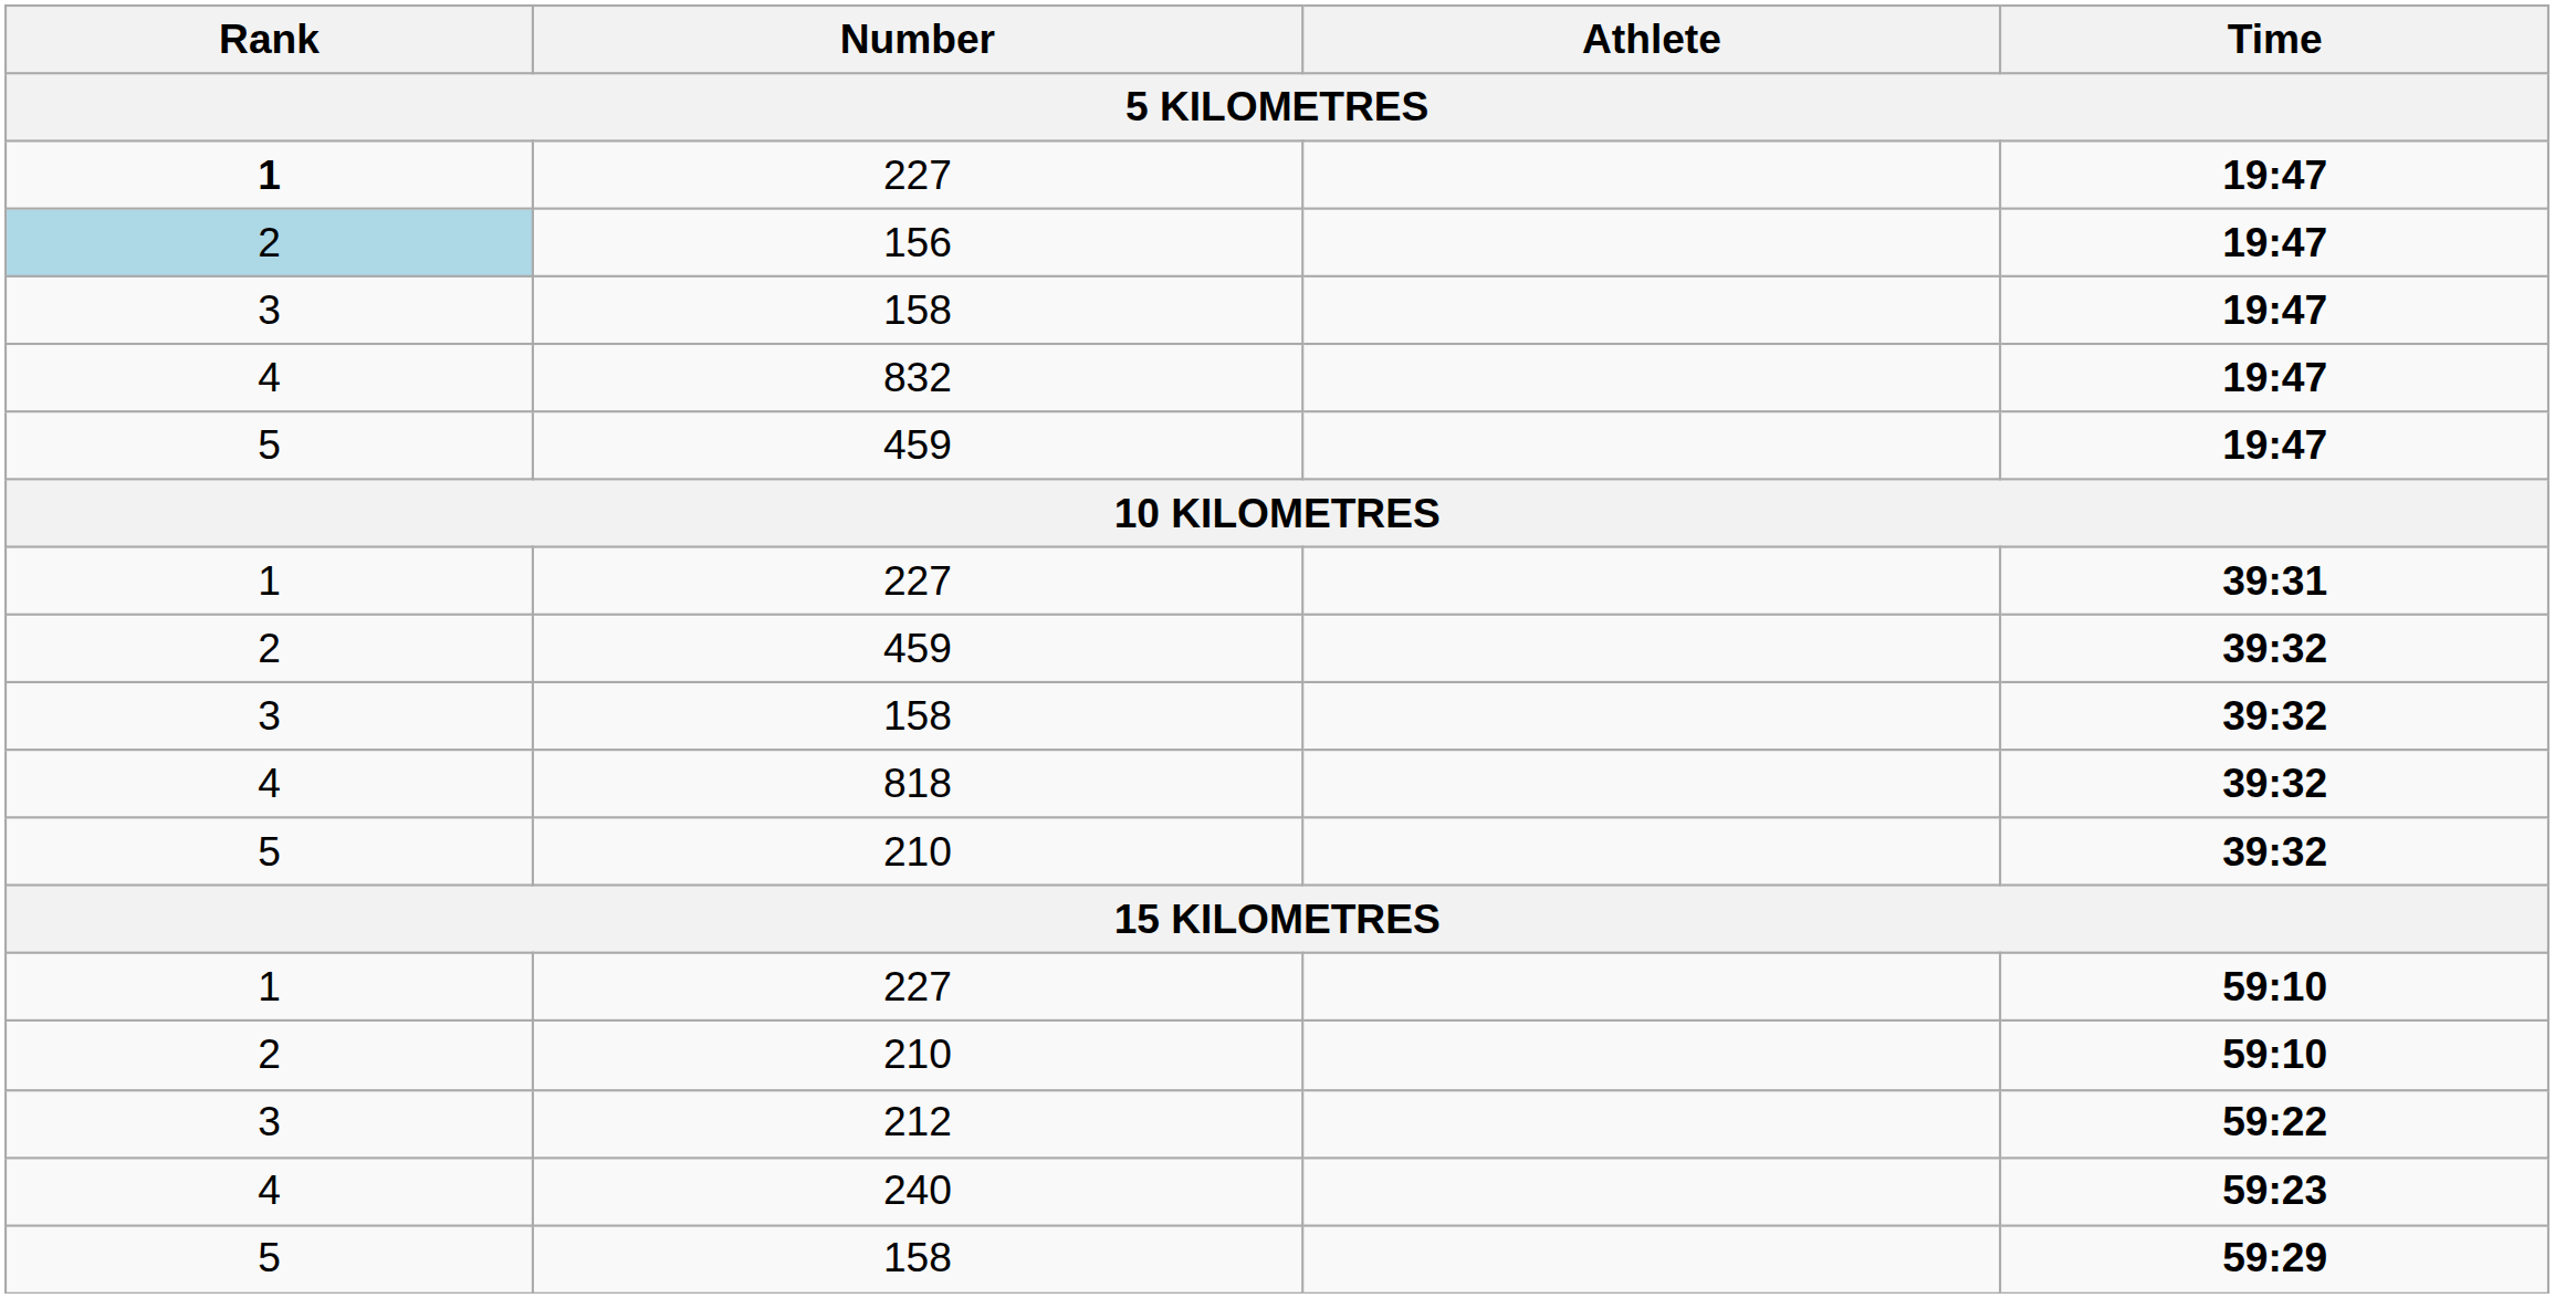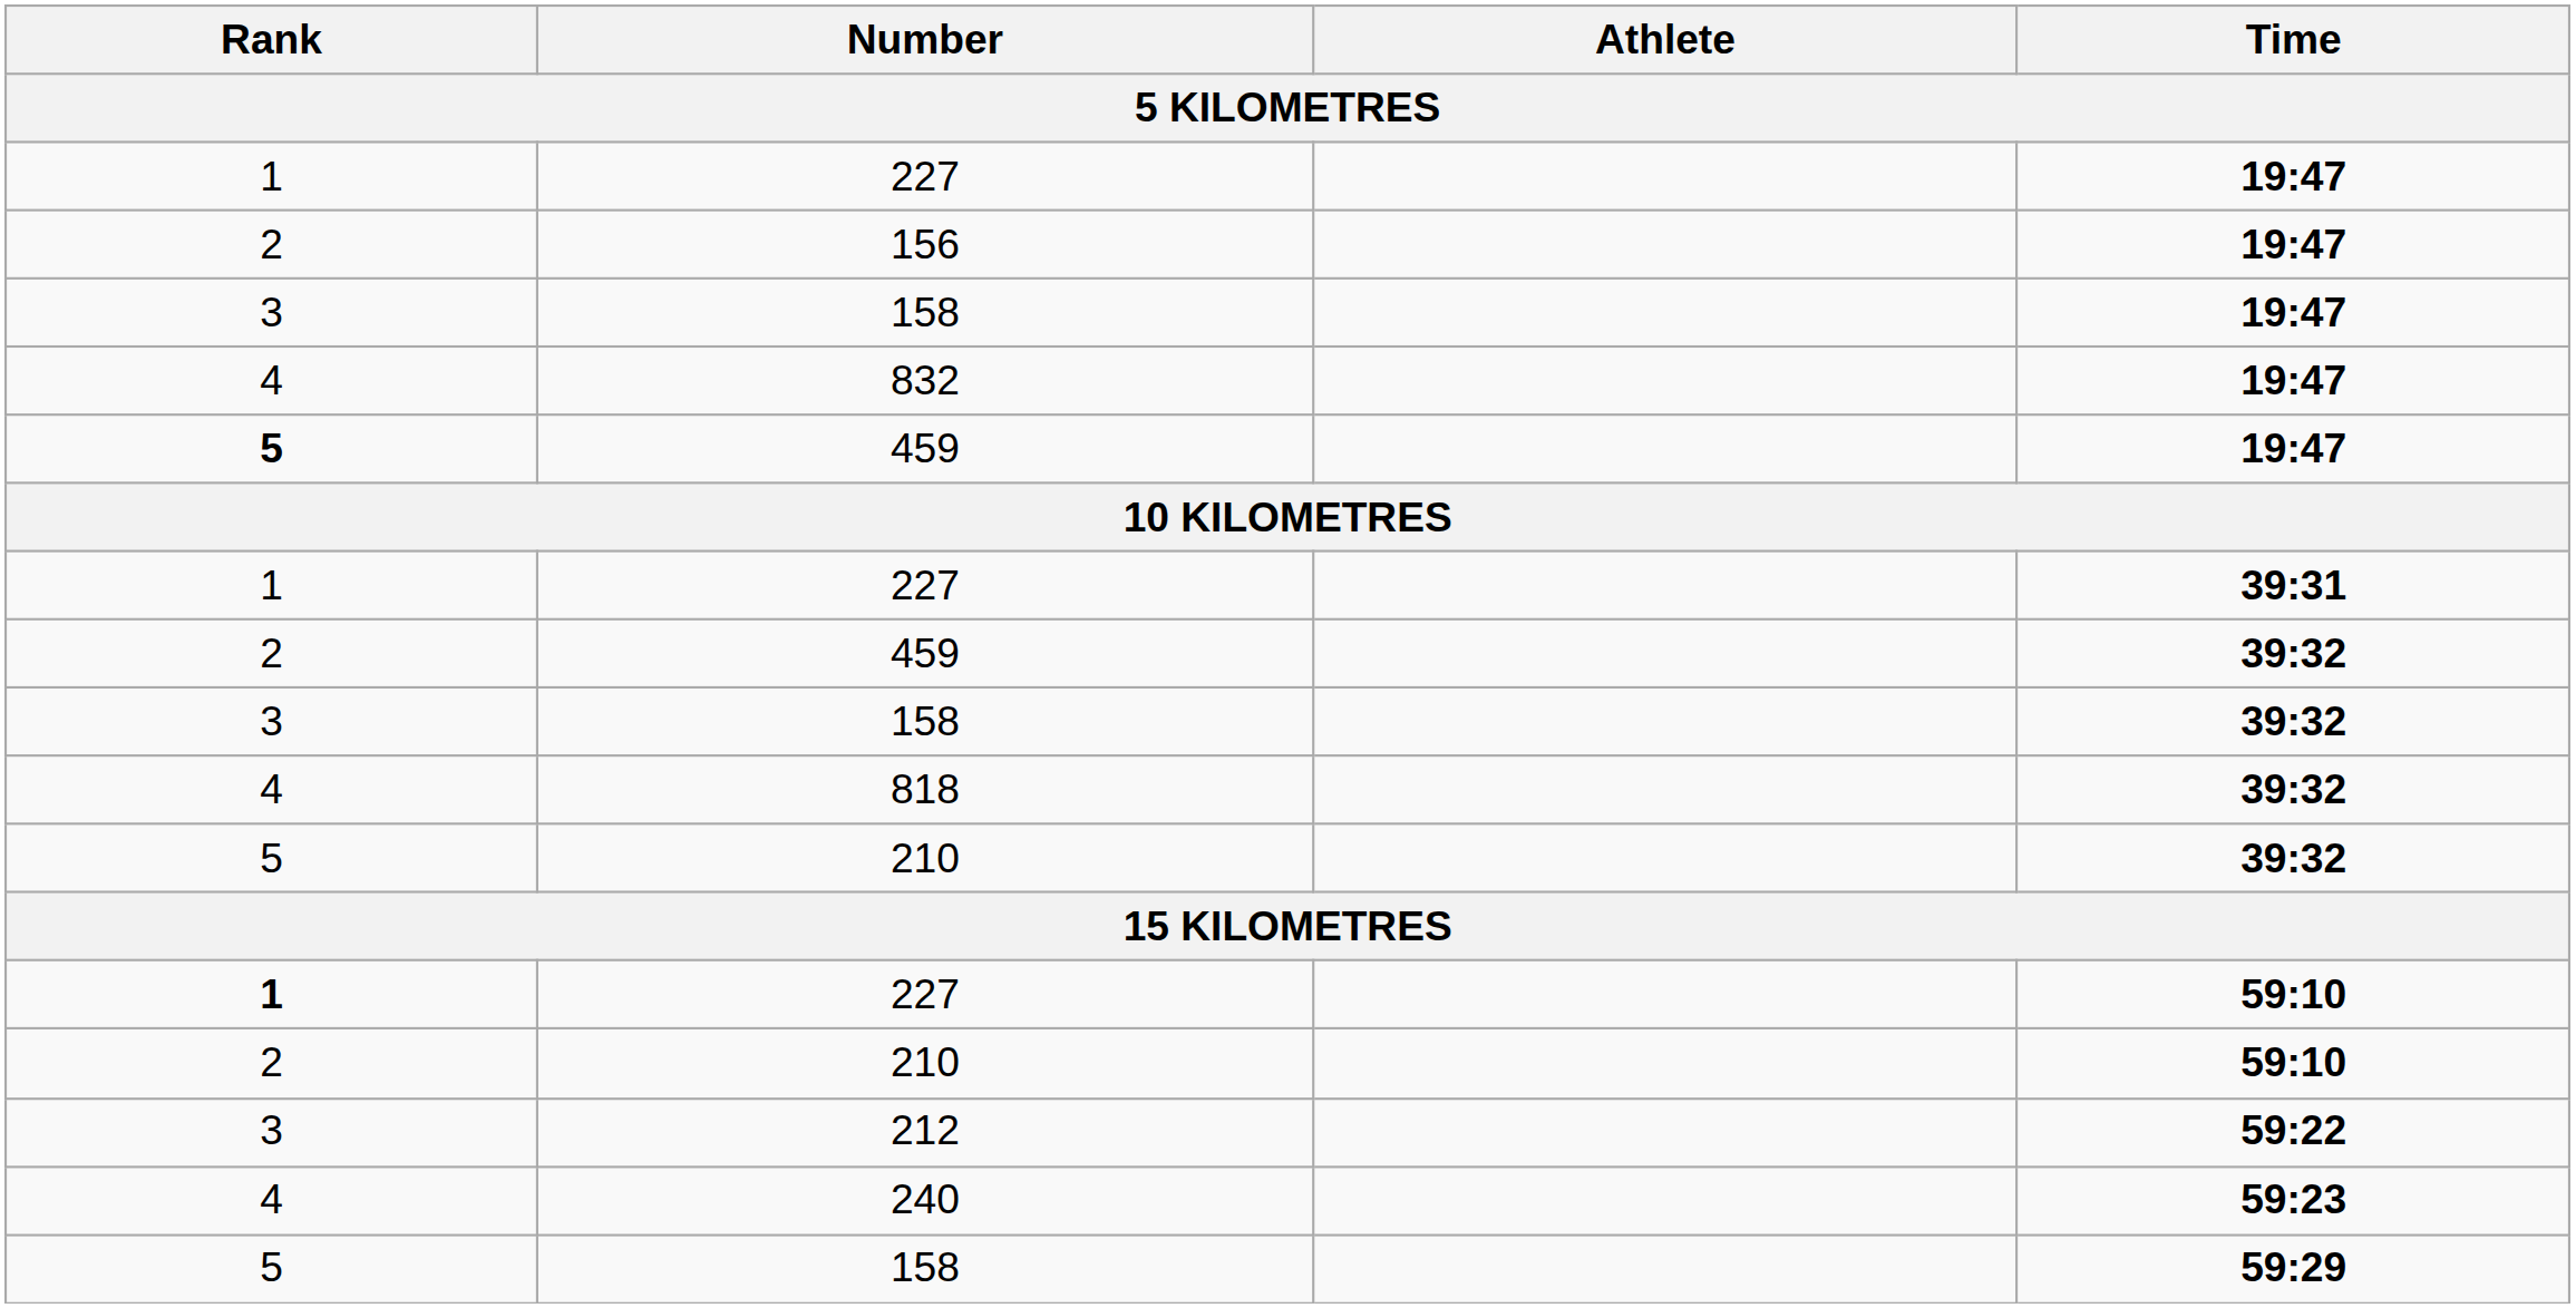 <table class="wikitable" style=" text-align:center; font-size:110%;" width="55%">
 <tr>
 <th>Rank</th>
 <th>Number</th>
 <th>Athlete</th>
 <th>Time</th>
 </tr>
 <tr>
 <th colspan="4">5 KILOMETRES</th>
 </tr>
 <tr>
-<td><strong>1</strong></td>
+<td>1</td>
 <td>227</td>
 <td align=left></td>
 <td><strong>19:47</strong></td>
 </tr>
 <tr>
-<td style="background: lightblue;">2</td>
+<td>2</td>
 <td>156</td>
 <td align=left></td>
 <td><strong>19:47</strong></td>
 </tr>
 <tr>
 <td>3</td>
 <td>158</td>
 <td align=left></td>
 <td><strong>19:47</strong></td>
 </tr>
 <tr>
 <td>4</td>
 <td>832</td>
 <td align=left></td>
 <td><strong>19:47</strong></td>
 </tr>
 <tr>
-<td>5</td>
+<td><strong>5</strong></td>
 <td>459</td>
 <td align=left></td>
 <td><strong>19:47</strong></td>
 </tr>
 <tr>
 <th colspan="4">10 KILOMETRES</th>
 </tr>
 <tr>
 <td>1</td>
 <td>227</td>
 <td align=left></td>
 <td><strong>39:31</strong></td>
 </tr>
 <tr>
 <td>2</td>
 <td>459</td>
 <td align=left></td>
 <td><strong>39:32</strong></td>
 </tr>
 <tr>
 <td>3</td>
 <td>158</td>
 <td align=left></td>
 <td><strong>39:32</strong></td>
 </tr>
 <tr>
 <td>4</td>
 <td>818</td>
 <td align=left></td>
 <td><strong>39:32</strong></td>
 </tr>
 <tr>
 <td>5</td>
 <td>210</td>
 <td align=left></td>
 <td><strong>39:32</strong></td>
 </tr>
 <tr>
 <th colspan="4">15 KILOMETRES</th>
 </tr>
 <tr>
-<td>1</td>
+<td><strong>1</strong></td>
 <td>227</td>
 <td align=left></td>
 <td><strong>59:10</strong></td>
 </tr>
 <tr>
 <td>2</td>
 <td>210</td>
 <td align=left></td>
 <td><strong>59:10</strong></td>
 </tr>
 <tr>
 <td>3</td>
 <td>212</td>
 <td align=left></td>
 <td><strong>59:22</strong></td>
 </tr>
 <tr>
 <td>4</td>
 <td>240</td>
 <td align=left></td>
 <td><strong>59:23</strong></td>
 </tr>
 <tr>
 <td>5</td>
 <td>158</td>
 <td align=left></td>
 <td><strong>59:29</strong></td>
 </tr>
 </table>
